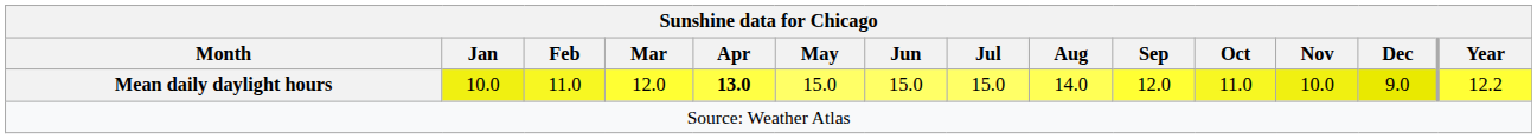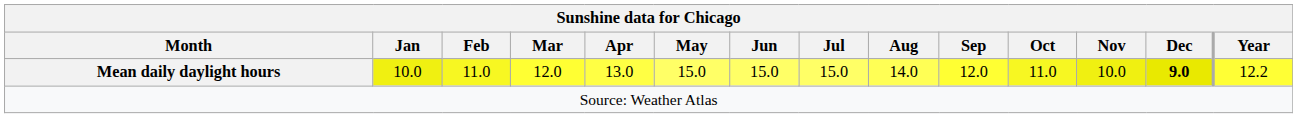 <table style="width:100%;text-align:center;line-height:1.2em;margin-left:auto;margin-right:auto" class="wikitable mw-collapsible mw-collapsed">
 <tr>
 <th Colspan=14>Sunshine data for Chicago</th>
 </tr>
 <tr>
 <th>Month</th>
 <th>Jan</th>
 <th>Feb</th>
 <th>Mar</th>
 <th>Apr</th>
 <th>May</th>
 <th>Jun</th>
 <th>Jul</th>
 <th>Aug</th>
 <th>Sep</th>
 <th>Oct</th>
 <th>Nov</th>
 <th>Dec</th>
 <th style="border-left-width:medium">Year</th>
 </tr>
 <tr>
 <th>Mean daily daylight hours</th>
 <td style="background:#F0F011;color:#000000;">10.0</td>
 <td style="background:#F7F722;color:#000000;">11.0</td>
 <td style="background:#FFFF33;color:#000000;">12.0</td>
-<td style="background:#FFFF44;color:#000000;"><strong>13.0</strong></td>
+<td style="background:#FFFF44;color:#000000;">13.0</td>
 <td style="background:#FFFF66;color:#000000;">15.0</td>
 <td style="background:#FFFF66;color:#000000;">15.0</td>
 <td style="background:#FFFF66;color:#000000;">15.0</td>
 <td style="background:#FFFF55;color:#000000;">14.0</td>
 <td style="background:#FFFF33;color:#000000;">12.0</td>
 <td style="background:#F7F722;color:#000000;">11.0</td>
 <td style="background:#F0F011;color:#000000;">10.0</td>
-<td style="background:#E9E900;color:#000000;">9.0</td>
+<td style="background:#E9E900;color:#000000;"><strong>9.0</strong></td>
 <td style="background:#FFFF35;color:#000000;border-left-width:medium">12.2</td>
 </tr>
 <tr>
 <th Colspan=14 style="background:#f8f9fa;font-weight:normal;font-size:95%;">Source: Weather Atlas</th>
 </tr>
 </table>
